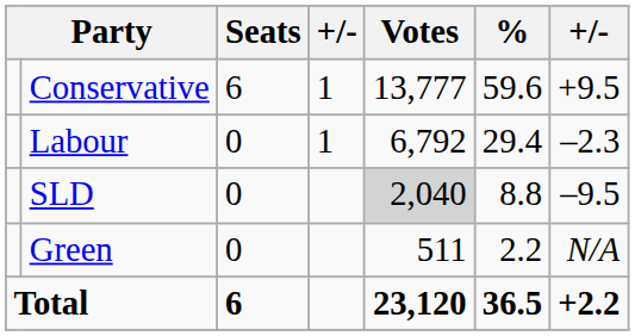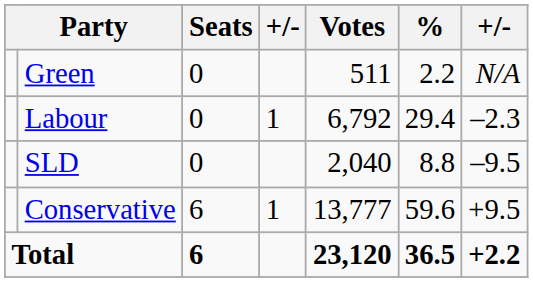 <table class="wikitable sortable">
 <tr>
 <th colspan="2">Party</th>
 <th>Seats</th>
 <th>+/-</th>
 <th>Votes</th>
 <th>%</th>
 <th>+/-</th>
 </tr>
 <tr>
 <td style="background-color: "></td>
-<td><a href='#'>Conservative</a></td>
-<td>6</td>
-<td> 1</td>
-<td style="text-align:right;">13,777</td>
-<td style="text-align:right;">59.6</td>
-<td style="text-align:right;">+9.5</td>
+<td><a href='#'>Green</a></td>
+<td>0</td>
+<td></td>
+<td style="text-align:right;">511</td>
+<td style="text-align:right;">2.2</td>
+<td style="text-align:right;"><em>N/A</em></td>
 </tr>
 <tr>
 <td style="background-color: "></td>
 <td><a href='#'>Labour</a></td>
 <td>0</td>
 <td> 1</td>
 <td style="text-align:right;">6,792</td>
 <td style="text-align:right;">29.4</td>
 <td style="text-align:right;">–2.3</td>
 </tr>
 <tr>
 <td style="background-color: "></td>
 <td><a href='#'>SLD</a></td>
 <td>0</td>
 <td></td>
-<td style="background: lightgrey; text-align:right;">2,040</td>
+<td style="text-align:right;">2,040</td>
 <td style="text-align:right;">8.8</td>
 <td style="text-align:right;">–9.5</td>
 </tr>
 <tr>
 <td style="background-color: "></td>
-<td><a href='#'>Green</a></td>
-<td>0</td>
-<td></td>
-<td style="text-align:right;">511</td>
-<td style="text-align:right;">2.2</td>
-<td style="text-align:right;"><em>N/A</em></td>
+<td><a href='#'>Conservative</a></td>
+<td>6</td>
+<td> 1</td>
+<td style="text-align:right;">13,777</td>
+<td style="text-align:right;">59.6</td>
+<td style="text-align:right;">+9.5</td>
 </tr>
 <tr>
 <td colspan="2"><strong>Total</strong></td>
 <td><strong>6</strong></td>
 <td></td>
 <td style="text-align:right;"><strong>23,120</strong></td>
 <td style="text-align:right;"><strong>36.5</strong></td>
 <td style="text-align:right;"><strong>+2.2</strong></td>
 </tr>
 </table>
